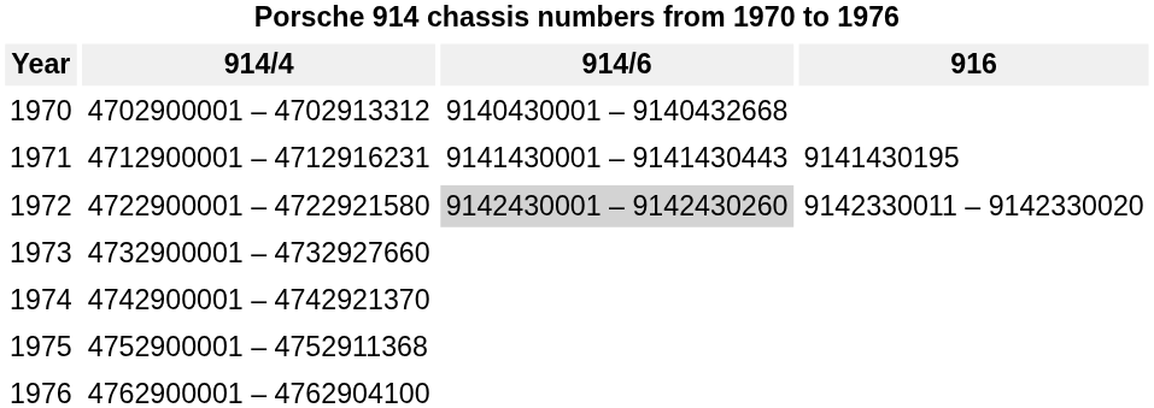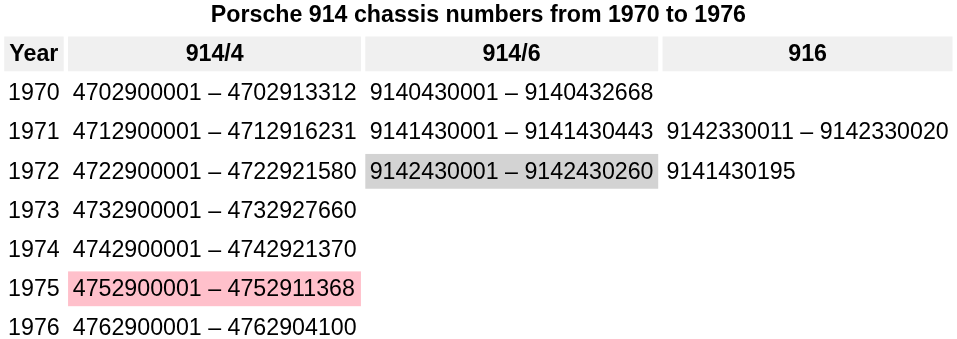 <table cellspacing="3" cellpadding="3" class="toccolours" style="margin:auto;">
 <tr>
 <td style="text-align:center;" colspan="4"><strong>Porsche 914 chassis numbers from 1970 to 1976</strong></td>
 </tr>
 <tr style="text-align:center; background:#f0f0f0;">
 <td><strong>Year</strong></td>
 <td><strong>914/4</strong></td>
 <td><strong>914/6</strong></td>
 <td><strong>916</strong></td>
 </tr>
 <tr>
 <td>1970</td>
 <td>4702900001 – 4702913312</td>
 <td>9140430001 – 9140432668</td>
 </tr>
 <tr>
 <td>1971</td>
 <td>4712900001 – 4712916231</td>
 <td>9141430001 – 9141430443</td>
-<td>9141430195</td>
+<td>9142330011 – 9142330020</td>
 </tr>
 <tr>
 <td>1972</td>
 <td>4722900001 – 4722921580</td>
 <td style="background: lightgrey;">9142430001 – 9142430260</td>
-<td>9142330011 – 9142330020</td>
+<td>9141430195</td>
 </tr>
 <tr>
 <td>1973</td>
 <td>4732900001 – 4732927660</td>
 </tr>
 <tr>
 <td>1974</td>
 <td>4742900001 – 4742921370</td>
 </tr>
 <tr>
 <td>1975</td>
-<td>4752900001 – 4752911368</td>
+<td style="background: pink;">4752900001 – 4752911368</td>
 </tr>
 <tr>
 <td>1976</td>
 <td>4762900001 – 4762904100</td>
 </tr>
 </table>
